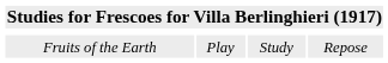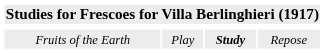 <table align=right>
 <tr>
 <th colspan="4" style="background:#ECECEC; "><strong>Studies for Frescoes for Villa Berlinghieri (1917)</strong></th>
 </tr>
 <tr>
 <td></td>
 <td></td>
 <td></td>
 <td></td>
 </tr>
 <tr>
 <td style="background:#ECECEC; text-align: center;"><small><em>Fruits of the Earth</em></small></td>
 <td style="background:#ECECEC; text-align: center;"><small><em>Play</em></small></td>
-<td style="background:#ECECEC; text-align: center;"><small><em>Study</em></small></td>
+<td style="background:#ECECEC; text-align: center;"><strong><small><em>Study</em></small></strong></td>
 <td style="background:#ECECEC; text-align: center;"><small> <em>Repose</em></small></td>
 </tr>
 </table>
